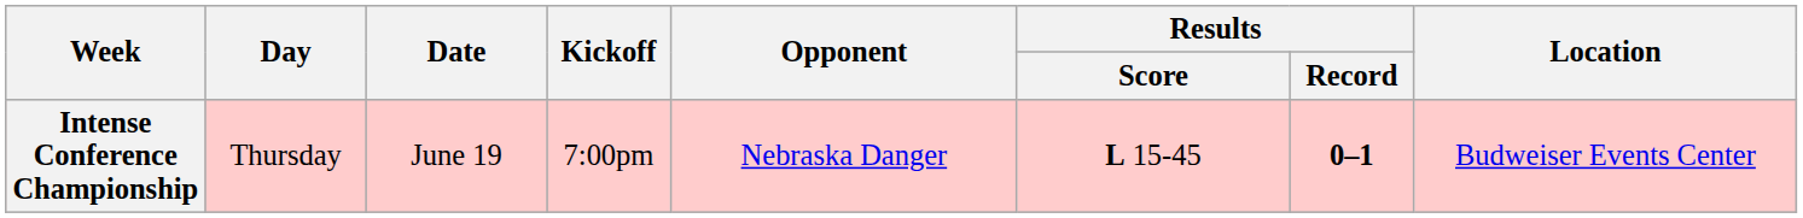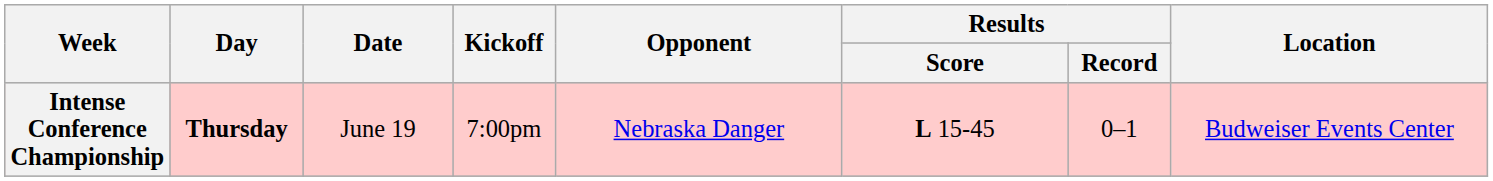 <table class="wikitable">
 <tr>
 <th rowspan="2" width="40">Week</th>
 <th rowspan="2" width="80">Day</th>
 <th rowspan="2" width="90">Date</th>
 <th rowspan="2" width="60">Kickoff</th>
 <th rowspan="2" width="180">Opponent</th>
 <th colspan="2" width="200">Results</th>
 <th rowspan="2" width="200">Location</th>
 </tr>
 <tr>
 <th width="140">Score</th>
 <th width="60">Record</th>
 </tr>
 <tr align="center" bgcolor="#FFCCCC">
 <th>Intense Conference Championship</th>
-<td>Thursday</td>
+<td><strong>Thursday</strong></td>
 <td>June 19</td>
 <td>7:00pm</td>
 <td><a href='#'>Nebraska Danger</a></td>
 <td><strong>L</strong> 15-45</td>
-<td><strong>0–1</strong></td>
+<td>0–1</td>
 <td><a href='#'>Budweiser Events Center</a></td>
 </tr>
 </table>
